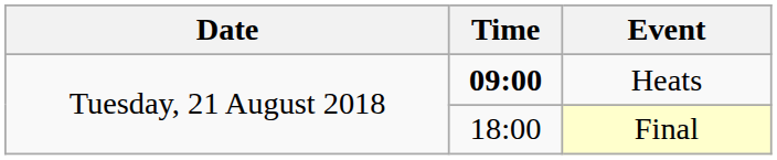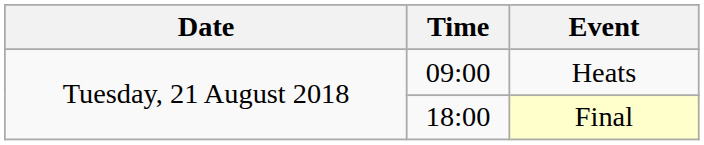 <table class = "wikitable" style="text-align:center;">
 <tr>
 <th width=220>Date</th>
 <th width=50>Time</th>
 <th width=100>Event</th>
 </tr>
 <tr>
 <td rowspan=2>Tuesday, 21 August 2018</td>
-<td><strong>09:00</strong></td>
+<td>09:00</td>
 <td>Heats</td>
 </tr>
 <tr>
 <td>18:00</td>
 <td bgcolor=ffffcc>Final</td>
 </tr>
 </table>
